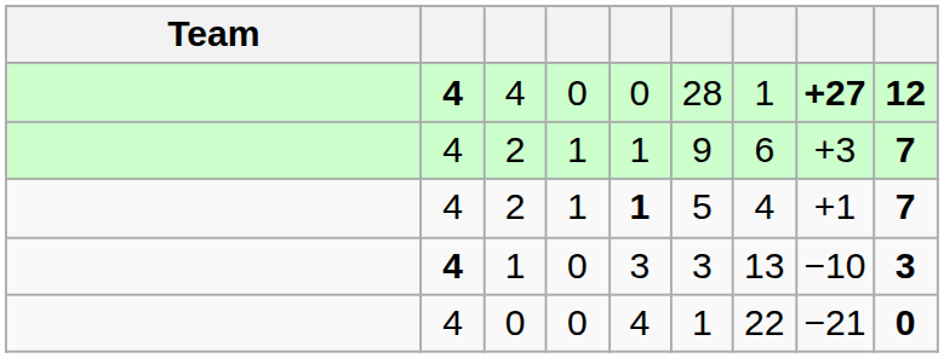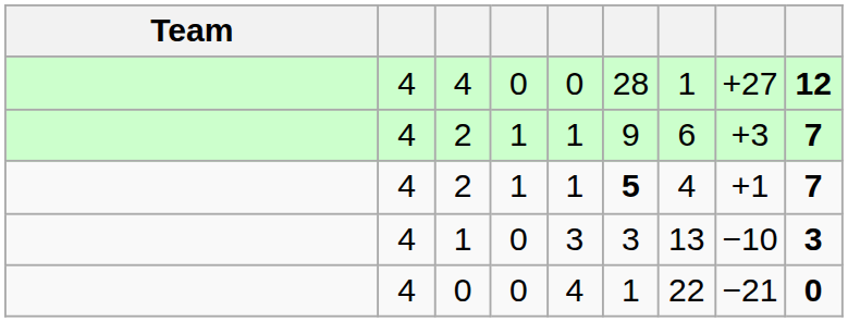 <table class="wikitable" style="text-align: center;">
 <tr>
 <th width="175">Team</th>
 <th width="20"></th>
 <th width="20"></th>
 <th width="20"></th>
 <th width="20"></th>
 <th width="20"></th>
 <th width="20"></th>
 <th width="20"></th>
 <th width="20"><strong></strong></th>
 </tr>
 <tr bgcolor=#ccffcc>
 <td align=left></td>
-<td><strong>4</strong></td>
+<td>4</td>
 <td>4</td>
 <td>0</td>
 <td>0</td>
 <td>28</td>
 <td>1</td>
-<td><strong>+27</strong></td>
+<td>+27</td>
 <td><strong>12</strong></td>
 </tr>
 <tr bgcolor=#ccffcc>
 <td align=left></td>
 <td>4</td>
 <td>2</td>
 <td>1</td>
 <td>1</td>
 <td>9</td>
 <td>6</td>
 <td>+3</td>
 <td><strong>7</strong></td>
 </tr>
 <tr>
 <td align=left></td>
 <td>4</td>
 <td>2</td>
 <td>1</td>
-<td><strong>1</strong></td>
-<td>5</td>
+<td>1</td>
+<td><strong>5</strong></td>
 <td>4</td>
 <td>+1</td>
 <td><strong>7</strong></td>
 </tr>
 <tr>
 <td align=left></td>
-<td><strong>4</strong></td>
+<td>4</td>
 <td>1</td>
 <td>0</td>
 <td>3</td>
 <td>3</td>
 <td>13</td>
 <td>−10</td>
 <td><strong>3</strong></td>
 </tr>
 <tr>
 <td align=left></td>
 <td>4</td>
 <td>0</td>
 <td>0</td>
 <td>4</td>
 <td>1</td>
 <td>22</td>
 <td>−21</td>
 <td><strong>0</strong></td>
 </tr>
 </table>
